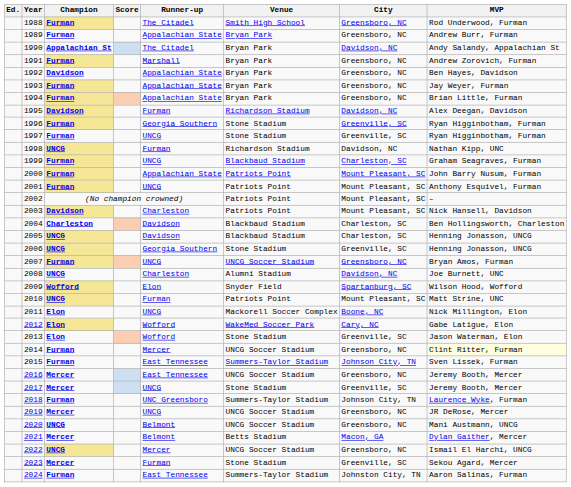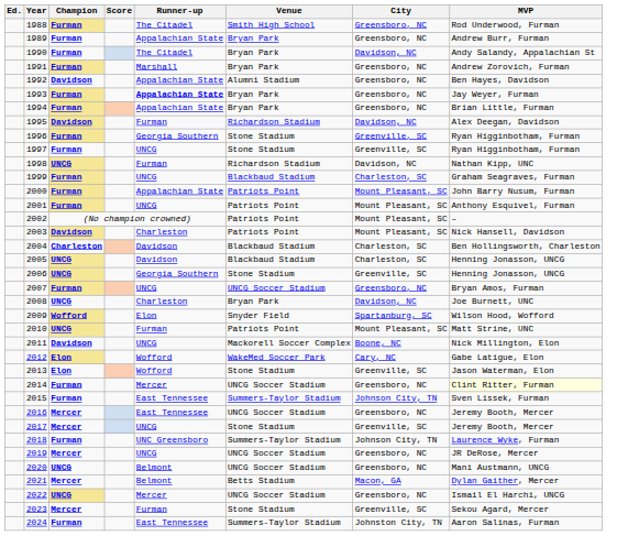 <table class="wikitable sortable"; style= "font-size: 95%">
 <tr>
 <th width=px>Ed.</th>
 <th width=px>Year</th>
 <th width=px>Champion</th>
 <th width=px>Score</th>
 <th width=px>Runner-up</th>
 <th width=px>Venue</th>
 <th width=px>City</th>
 <th width=px>MVP</th>
 </tr>
 <tr>
 <td></td>
 <td>1988</td>
 <td bgcolor=#F6E797><strong><a href='#'>Furman</a></strong> </td>
 <td></td>
 <td><a href='#'>The Citadel</a></td>
 <td><a href='#'>Smith High School</a></td>
 <td><a href='#'>Greensboro, NC</a></td>
 <td>Rod Underwood, Furman</td>
 </tr>
 <tr>
 <td></td>
 <td>1989</td>
 <td><strong><a href='#'>Furman</a></strong> </td>
 <td></td>
 <td><a href='#'>Appalachian State</a></td>
 <td><a href='#'>Bryan Park</a></td>
 <td>Greensboro, NC</td>
 <td>Andrew Burr, Furman</td>
 </tr>
 <tr>
 <td></td>
 <td>1990</td>
-<td><strong><a href='#'>Appalachian St</a></strong> </td>
+<td><strong><a href='#'>Furman</a></strong> </td>
 <td bgcolor=#cedff2></td>
 <td><a href='#'>The Citadel</a></td>
 <td>Bryan Park</td>
 <td><a href='#'>Davidson, NC</a></td>
 <td>Andy Salandy, Appalachian St</td>
 </tr>
 <tr>
 <td></td>
 <td>1991</td>
 <td bgcolor=#F6E797><strong><a href='#'>Furman</a></strong> </td>
 <td></td>
 <td><a href='#'>Marshall</a></td>
 <td>Bryan Park</td>
 <td>Greensboro, NC</td>
 <td>Andrew Zorovich, Furman</td>
 </tr>
 <tr>
 <td></td>
 <td>1992</td>
 <td><strong><a href='#'>Davidson</a></strong> </td>
 <td></td>
 <td><a href='#'>Appalachian State</a></td>
-<td>Bryan Park</td>
+<td>Alumni Stadium</td>
 <td>Greensboro, NC</td>
 <td>Ben Hayes, Davidson</td>
 </tr>
 <tr>
 <td></td>
 <td>1993</td>
 <td bgcolor=#F6E797><strong><a href='#'>Furman</a></strong> </td>
 <td></td>
-<td><a href='#'>Appalachian State</a></td>
+<td><strong><a href='#'>Appalachian State</a></strong></td>
 <td>Bryan Park</td>
 <td>Greensboro, NC</td>
 <td>Jay Weyer, Furman</td>
 </tr>
 <tr>
 <td></td>
 <td>1994</td>
 <td bgcolor=#F6E797><strong><a href='#'>Furman</a></strong> </td>
 <td bgcolor=#FBCEB1></td>
 <td><a href='#'>Appalachian State</a></td>
 <td>Bryan Park</td>
 <td>Greensboro, NC</td>
 <td>Brian Little, Furman</td>
 </tr>
 <tr>
 <td></td>
 <td>1995</td>
 <td bgcolor=#F6E797><strong><a href='#'>Davidson</a></strong> </td>
 <td></td>
 <td><a href='#'>Furman</a></td>
 <td><a href='#'>Richardson Stadium</a></td>
 <td><a href='#'>Davidson, NC</a></td>
 <td>Alex Deegan, Davidson</td>
 </tr>
 <tr>
 <td></td>
 <td>1996</td>
 <td bgcolor=#F6E797><strong><a href='#'>Furman</a></strong> </td>
 <td></td>
 <td><a href='#'>Georgia Southern</a></td>
 <td>Stone Stadium</td>
 <td><a href='#'>Greenville, SC</a></td>
 <td>Ryan Higginbotham, Furman</td>
 </tr>
 <tr>
 <td></td>
 <td>1997</td>
 <td><strong><a href='#'>Furman</a></strong> </td>
 <td></td>
 <td><a href='#'>UNCG</a></td>
 <td>Stone Stadium</td>
 <td>Greenville, SC</td>
 <td>Ryan Higginbotham, Furman</td>
 </tr>
 <tr>
 <td></td>
 <td>1998</td>
 <td bgcolor=#F6E797><strong><a href='#'>UNCG</a></strong> </td>
 <td></td>
 <td><a href='#'>Furman</a></td>
 <td>Richardson Stadium</td>
 <td>Davidson, NC</td>
 <td>Nathan Kipp, UNC</td>
 </tr>
 <tr>
 <td></td>
 <td>1999</td>
 <td bgcolor=#F6E797><strong><a href='#'>Furman</a></strong> </td>
 <td></td>
 <td><a href='#'>UNCG</a></td>
 <td><a href='#'>Blackbaud Stadium</a></td>
 <td><a href='#'>Charleston, SC</a></td>
 <td>Graham Seagraves, Furman</td>
 </tr>
 <tr>
 <td></td>
 <td>2000</td>
 <td bgcolor=#F6E797><strong><a href='#'>Furman</a></strong> </td>
 <td></td>
 <td><a href='#'>Appalachian State</a></td>
 <td><a href='#'>Patriots Point</a></td>
 <td><a href='#'>Mount Pleasant, SC</a></td>
 <td>John Barry Nusum, Furman</td>
 </tr>
 <tr>
 <td></td>
 <td>2001</td>
 <td bgcolor=#F6E797><strong><a href='#'>Furman</a></strong> </td>
 <td></td>
 <td><a href='#'>UNCG</a></td>
 <td>Patriots Point</td>
 <td>Mount Pleasant, SC</td>
 <td>Anthony Esquivel, Furman</td>
 </tr>
 <tr>
 <td></td>
 <td>2002</td>
 <td colspan=3 style= text-align:center><em>(No champion crowned)</em></td>
 <td>Patriots Point</td>
 <td>Mount Pleasant, SC</td>
 <td>–</td>
 </tr>
 <tr>
 <td></td>
 <td>2003</td>
 <td bgcolor=#F6E797><strong><a href='#'>Davidson</a></strong> </td>
 <td></td>
 <td><a href='#'>Charleston</a></td>
 <td>Patriots Point</td>
 <td>Mount Pleasant, SC</td>
 <td>Nick Hansell, Davidson</td>
 </tr>
 <tr>
 <td></td>
 <td>2004</td>
 <td><strong><a href='#'>Charleston</a></strong> </td>
 <td bgcolor=#FBCEB1></td>
 <td><a href='#'>Davidson</a></td>
 <td>Blackbaud Stadium</td>
 <td>Charleston, SC</td>
 <td>Ben Hollingsworth, Charleston</td>
 </tr>
 <tr>
 <td></td>
 <td>2005</td>
 <td bgcolor=#F6E797><strong><a href='#'>UNCG</a></strong> </td>
 <td></td>
 <td><a href='#'>Davidson</a></td>
 <td>Blackbaud Stadium</td>
 <td>Charleston, SC</td>
 <td>Henning Jonasson, UNCG</td>
 </tr>
 <tr>
 <td></td>
 <td>2006</td>
 <td bgcolor=#F6E797><strong><a href='#'>UNCG</a></strong> </td>
 <td></td>
 <td><a href='#'>Georgia Southern</a></td>
 <td>Stone Stadium</td>
 <td>Greenville, SC</td>
 <td>Henning Jonasson, UNCG</td>
 </tr>
 <tr>
 <td></td>
 <td>2007</td>
 <td bgcolor=#F6E797><strong><a href='#'>Furman</a></strong> </td>
 <td bgcolor=#FBCEB1></td>
 <td><a href='#'>UNCG</a></td>
 <td><a href='#'>UNCG Soccer Stadium</a></td>
 <td><a href='#'>Greensboro, NC</a></td>
 <td>Bryan Amos, Furman</td>
 </tr>
 <tr>
 <td></td>
 <td>2008</td>
 <td><strong><a href='#'>UNCG</a></strong> </td>
 <td></td>
 <td><a href='#'>Charleston</a></td>
-<td>Alumni Stadium</td>
+<td>Bryan Park</td>
 <td><a href='#'>Davidson, NC</a></td>
 <td>Joe Burnett, UNC</td>
 </tr>
 <tr>
 <td></td>
 <td>2009</td>
 <td bgcolor=#F6E797><strong><a href='#'>Wofford</a></strong></td>
 <td></td>
 <td><a href='#'>Elon</a></td>
 <td>Snyder Field</td>
 <td><a href='#'>Spartanburg, SC</a></td>
 <td>Wilson Hood, Wofford</td>
 </tr>
 <tr>
 <td></td>
 <td>2010</td>
 <td bgcolor=#F6E797><strong><a href='#'>UNCG</a></strong> </td>
 <td></td>
 <td><a href='#'>Furman</a></td>
 <td>Patriots Point</td>
 <td>Mount Pleasant, SC</td>
 <td>Matt Strine, UNC</td>
 </tr>
 <tr>
 <td></td>
 <td>2011</td>
-<td><strong><a href='#'>Elon</a></strong> </td>
+<td><strong><a href='#'>Davidson</a></strong> </td>
 <td></td>
 <td><a href='#'>UNCG</a></td>
 <td>Mackorell Soccer Complex</td>
 <td><a href='#'>Boone, NC</a></td>
 <td>Nick Millington, Elon</td>
 </tr>
 <tr>
 <td></td>
 <td><a href='#'>2012</a></td>
 <td bgcolor=#F6E797><strong><a href='#'>Elon</a></strong> </td>
 <td></td>
 <td><a href='#'>Wofford</a></td>
 <td><a href='#'>WakeMed Soccer Park</a></td>
 <td><a href='#'>Cary, NC</a></td>
 <td>Gabe Latigue, Elon</td>
 </tr>
 <tr>
 <td></td>
 <td>2013</td>
 <td><strong><a href='#'>Elon</a></strong> </td>
 <td bgcolor=#FBCEB1></td>
 <td><a href='#'>Wofford</a></td>
 <td>Stone Stadium</td>
 <td>Greenville, SC</td>
 <td>Jason Waterman, Elon</td>
 </tr>
 <tr>
 <td></td>
 <td>2014</td>
 <td><strong><a href='#'>Furman</a></strong> </td>
 <td></td>
 <td><a href='#'>Mercer</a></td>
 <td>UNCG Soccer Stadium</td>
 <td>Greensboro, NC</td>
 <td style="background: lightyellow;">Clint Ritter, Furman</td>
 </tr>
 <tr>
 <td></td>
 <td>2015</td>
 <td><strong><a href='#'>Furman</a></strong> </td>
 <td></td>
 <td><a href='#'>East Tennessee</a></td>
 <td><a href='#'>Summers-Taylor Stadium</a></td>
 <td><a href='#'>Johnson City, TN</a></td>
 <td>Sven Lissek, Furman</td>
 </tr>
 <tr>
 <td></td>
 <td><a href='#'>2016</a></td>
 <td><strong><a href='#'>Mercer</a></strong> </td>
 <td bgcolor=#cedff2></td>
 <td><a href='#'>East Tennessee</a></td>
 <td>UNCG Soccer Stadium</td>
 <td>Greensboro, NC</td>
 <td>Jeremy Booth, Mercer</td>
 </tr>
 <tr>
 <td></td>
 <td><a href='#'>2017</a></td>
 <td><strong><a href='#'>Mercer</a></strong> </td>
 <td bgcolor=#cedff2></td>
 <td><a href='#'>UNCG</a></td>
 <td>Stone Stadium</td>
 <td>Greenville, SC</td>
 <td>Jeremy Booth, Mercer</td>
 </tr>
 <tr>
 <td></td>
 <td><a href='#'>2018</a></td>
 <td><strong><a href='#'>Furman</a></strong> </td>
 <td></td>
 <td><a href='#'>UNC Greensboro</a></td>
 <td>Summers-Taylor Stadium</td>
 <td>Johnson City, TN</td>
 <td><a href='#'>Laurence Wyke</a>, Furman</td>
 </tr>
 <tr>
 <td></td>
 <td><a href='#'>2019</a></td>
 <td><strong><a href='#'>Mercer</a></strong> </td>
 <td></td>
 <td><a href='#'>UNCG</a></td>
 <td>UNCG Soccer Stadium</td>
 <td>Greensboro, NC</td>
 <td>JR DeRose, Mercer</td>
 </tr>
 <tr>
 <td></td>
 <td><a href='#'>2020</a></td>
 <td><strong><a href='#'>UNCG</a></strong> </td>
 <td></td>
 <td><a href='#'>Belmont</a></td>
 <td>UNCG Soccer Stadium</td>
 <td>Greensboro, NC</td>
 <td>Mani Austmann, UNCG</td>
 </tr>
 <tr>
 <td></td>
 <td><a href='#'>2021</a></td>
 <td><strong><a href='#'>Mercer</a></strong> </td>
 <td></td>
 <td><a href='#'>Belmont</a></td>
 <td>Betts Stadium</td>
 <td><a href='#'>Macon, GA</a></td>
 <td><a href='#'>Dylan Gaither</a>, Mercer</td>
 </tr>
 <tr>
 <td></td>
 <td><a href='#'>2022</a></td>
 <td bgcolor=#F6E797><strong><a href='#'>UNCG</a></strong> </td>
 <td></td>
 <td><a href='#'>Mercer</a></td>
 <td>UNCG Soccer Stadium</td>
 <td>Greensboro, NC</td>
 <td>Ismail El Harchi, UNCG</td>
 </tr>
 <tr>
 <td></td>
 <td><a href='#'>2023</a></td>
 <td><strong><a href='#'>Mercer</a></strong> </td>
 <td></td>
 <td><a href='#'>Furman</a></td>
 <td>Stone Stadium</td>
 <td>Greenville, SC</td>
 <td>Sekou Agard, Mercer</td>
 </tr>
 <tr>
 <td></td>
 <td><a href='#'>2024</a></td>
 <td><strong><a href='#'>Furman</a></strong> </td>
 <td></td>
 <td><a href='#'>East Tennessee</a></td>
 <td>Summers-Taylor Stadium</td>
 <td>Johnston City, TN</td>
 <td>Aaron Salinas, Furman</td>
 </tr>
 </table>
